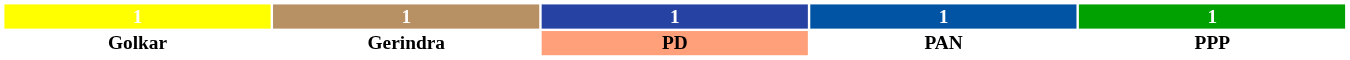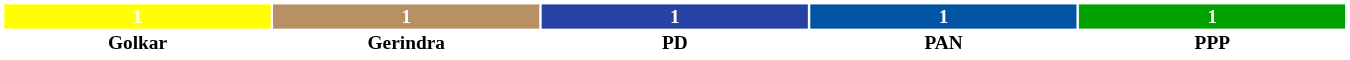 <table style="width:88%; text-align:center;">
 <tr style="color:white;">
 <td style="background:#FFFF00; width:20%;"><strong>1</strong></td>
 <td style="background:#B79164; width:20%;"><strong>1</strong></td>
 <td style="background:#2643A3; width:20%;"><strong>1</strong></td>
 <td style="background:#0054A3; width:20%;"><strong>1</strong></td>
 <td style="background:#00A100; width:20%;"><strong>1</strong></td>
 </tr>
 <tr>
 <td><span><strong>Golkar</strong></span></td>
 <td><span><strong>Gerindra</strong></span></td>
-<td style="background: lightsalmon;"><span><strong>PD</strong></span></td>
+<td><span><strong>PD</strong></span></td>
 <td><span><strong>PAN</strong></span></td>
 <td><span><strong>PPP</strong></span></td>
 </tr>
 </table>
